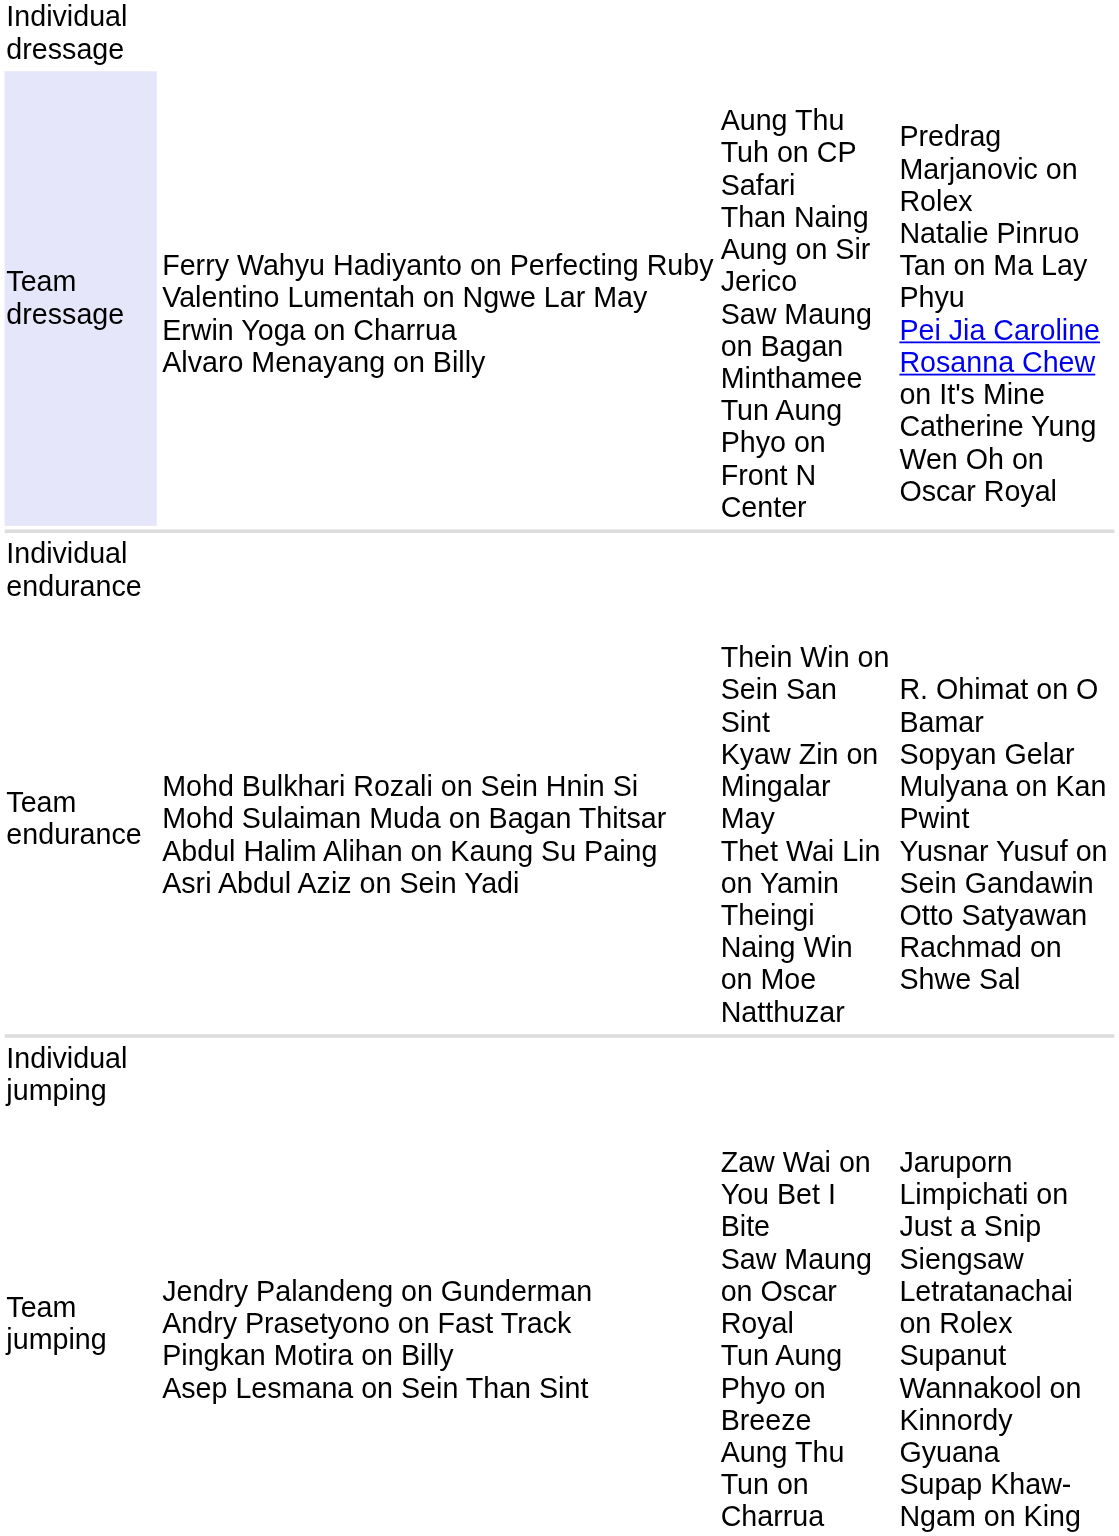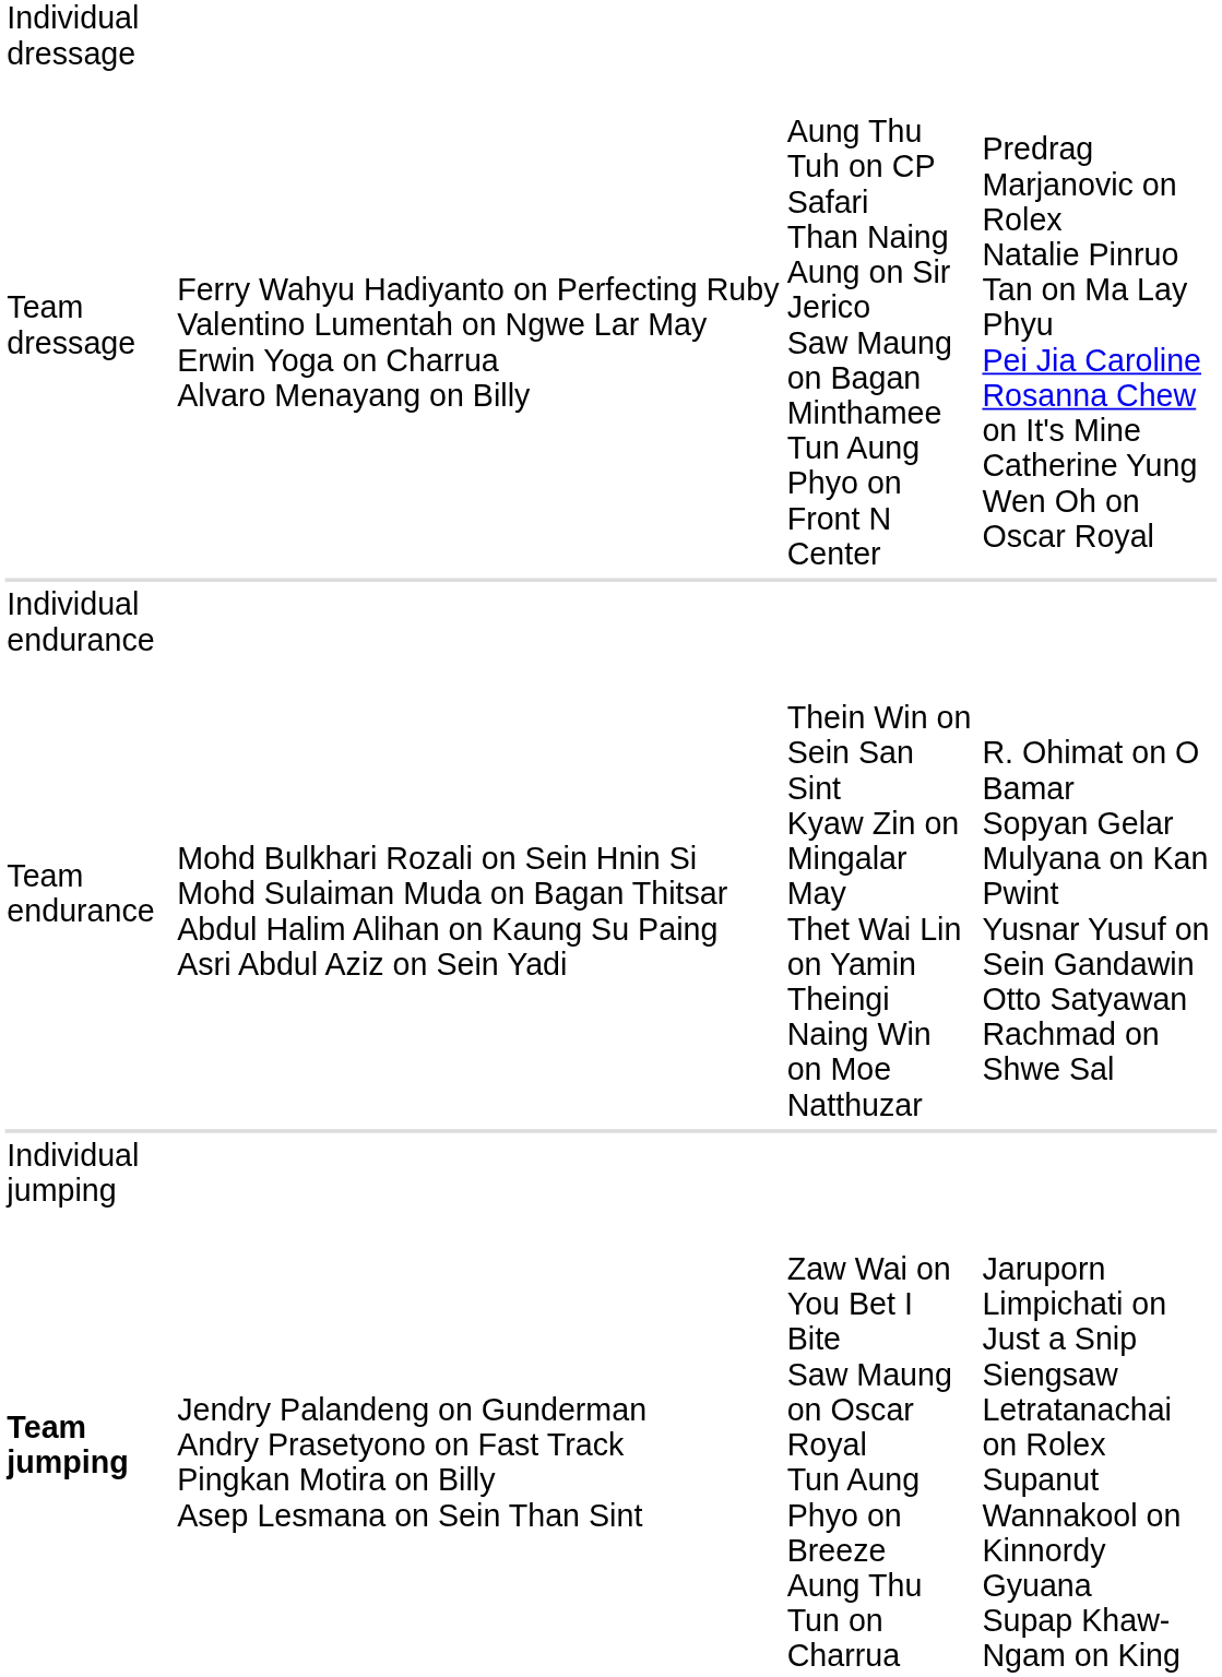 <table>
 <tr>
 <td>Individual dressage<br></td>
 <td></td>
 <td nowrap></td>
 <td nowrap></td>
 </tr>
 <tr>
-<td style="background: lavender;">Team dressage<br></td>
+<td>Team dressage<br></td>
 <td nowrap><br>Ferry Wahyu Hadiyanto on Perfecting Ruby<br>Valentino Lumentah on Ngwe Lar May<br>Erwin Yoga on Charrua<br>Alvaro Menayang on Billy</td>
 <td><br>Aung Thu Tuh on CP Safari<br>Than Naing Aung on Sir Jerico<br>Saw Maung on Bagan Minthamee<br>Tun Aung Phyo on Front N Center</td>
 <td><br>Predrag Marjanovic on Rolex<br>Natalie Pinruo Tan on Ma Lay Phyu<br><a href='#'>Pei Jia Caroline Rosanna Chew</a> on It's Mine<br>Catherine Yung Wen Oh on Oscar Royal</td>
 </tr>
 <tr bgcolor=#DDDDDD>
 <td colspan=7></td>
 </tr>
 <tr>
 <td>Individual endurance<br></td>
 <td></td>
 <td></td>
 <td></td>
 </tr>
 <tr>
 <td>Team endurance<br></td>
 <td><br>Mohd Bulkhari Rozali on Sein Hnin Si<br>Mohd Sulaiman Muda on Bagan Thitsar<br>Abdul Halim Alihan on Kaung Su Paing<br>Asri Abdul Aziz on Sein Yadi</td>
 <td><br>Thein Win on Sein San Sint<br>Kyaw Zin on Mingalar May<br>Thet Wai Lin on Yamin Theingi<br>Naing Win on Moe Natthuzar</td>
 <td><br>R. Ohimat on O Bamar<br>Sopyan Gelar Mulyana on Kan Pwint<br>Yusnar Yusuf on Sein Gandawin<br>Otto Satyawan Rachmad on Shwe Sal</td>
 </tr>
 <tr bgcolor=#DDDDDD>
 <td colspan=7></td>
 </tr>
 <tr>
 <td>Individual jumping<br></td>
 <td></td>
 <td></td>
 <td></td>
 </tr>
 <tr>
-<td>Team jumping<br></td>
+<td><strong>Team jumping<br></strong></td>
 <td><br>Jendry Palandeng on Gunderman<br>Andry Prasetyono on Fast Track<br>Pingkan Motira on Billy<br>Asep Lesmana on Sein Than Sint</td>
 <td><br>Zaw Wai on You Bet I Bite<br>Saw Maung on Oscar Royal<br>Tun Aung Phyo on Breeze<br>Aung Thu Tun on Charrua</td>
 <td><br>Jaruporn Limpichati on Just a Snip<br>Siengsaw Letratanachai on Rolex<br>Supanut Wannakool on Kinnordy Gyuana<br>Supap Khaw-Ngam on King</td>
 </tr>
 </table>
